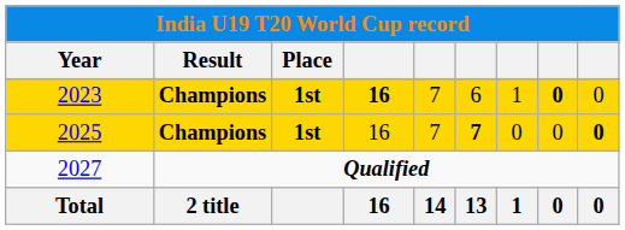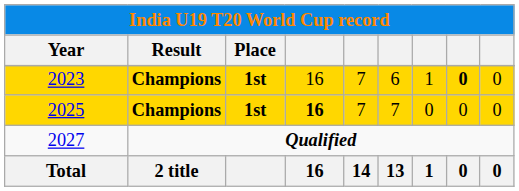 <table class="wikitable" style="font-size:90%; text-align:center;">
 <tr>
 <th style="background:#0889e6; color:#FF8800; text-align:center;" colspan=9>India U19 T20 World Cup record</th>
 </tr>
 <tr>
 <th width="90">Year</th>
 <th>Result</th>
 <th width="40">Place</th>
 <th width="40"></th>
 <th width="20"></th>
 <th width="20"></th>
 <th width="20"></th>
 <th width="20"></th>
 <th width="20"></th>
 </tr>
 <tr>
 </tr>
 <tr bgcolor=gold>
 <td> <a href='#'>2023</a></td>
 <td><strong>Champions</strong></td>
 <td><strong>1st</strong></td>
-<td><strong>16</strong></td>
+<td>16</td>
 <td>7</td>
 <td>6</td>
 <td>1</td>
 <td><strong>0</strong></td>
 <td>0</td>
 </tr>
 <tr bgcolor=gold>
 <td> <a href='#'>2025</a></td>
 <td><strong>Champions</strong></td>
 <td><strong>1st</strong></td>
-<td>16</td>
+<td><strong>16</strong></td>
 <td>7</td>
-<td><strong>7</strong></td>
+<td>7</td>
 <td>0</td>
 <td>0</td>
-<td><strong>0</strong></td>
+<td>0</td>
 </tr>
 <tr>
 <td> <a href='#'>2027</a></td>
 <td colspan="9"><strong> <em>Qualified</em> </strong></td>
 </tr>
 <tr>
 <th>Total</th>
 <th><strong>2 title</strong></th>
 <th></th>
 <th>16</th>
 <th>14</th>
 <th>13</th>
 <th>1</th>
 <th>0</th>
 <th>0</th>
 </tr>
 </table>
